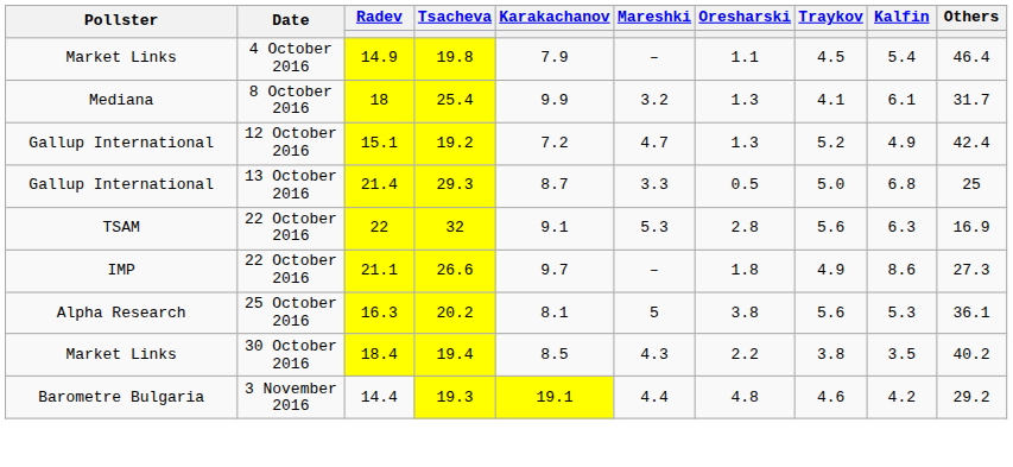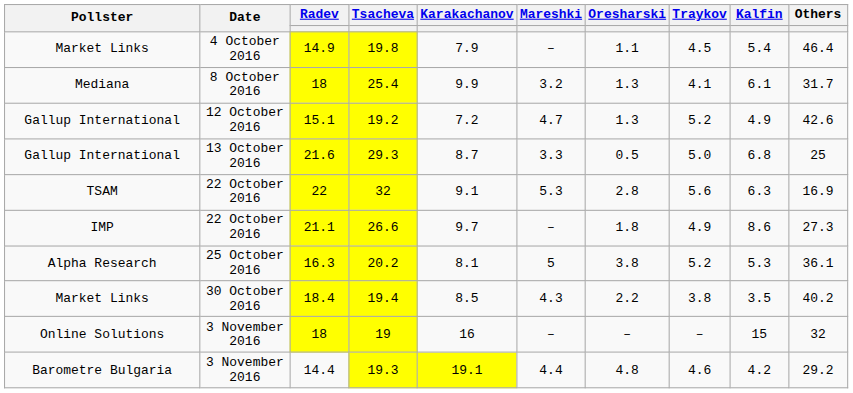 <table class="wikitable" style="text-align:center;font-size:95%;line-height:14px;">
 <tr>
 <th rowspan=2 width=180px>Pollster</th>
 <th rowspan=2 width=80px>Date</th>
 <th width=50px><a href='#'>Radev</a></th>
 <th width=50px><a href='#'>Tsacheva</a></th>
 <th width=50px><a href='#'>Karakachanov</a></th>
 <th width=50px><a href='#'>Mareshki</a></th>
 <th width=50px><a href='#'>Oresharski</a></th>
 <th width=50px><a href='#'>Traykov</a></th>
 <th width=50px><a href='#'>Kalfin</a></th>
 <th width=50px>Others</th>
 </tr>
 <tr>
 <th style="color:inherit;background:"></th>
 <th style="color:inherit;background:"></th>
 <th style="color:inherit;background:"></th>
 <th style="color:inherit;background:"></th>
 <th style="color:inherit;background:"></th>
 <th style="color:inherit;background:"></th>
 <th style="color:inherit;background:"></th>
 <th style="color:inherit;background:;"></th>
 </tr>
 <tr>
 <td>Market Links</td>
 <td>4 October 2016</td>
 <td bgcolor=#FFFF00>14.9</td>
 <td bgcolor=#FFFF00>19.8</td>
 <td>7.9</td>
 <td>–</td>
 <td>1.1</td>
 <td>4.5</td>
 <td>5.4</td>
 <td>46.4</td>
 </tr>
 <tr>
 <td>Mediana</td>
 <td>8 October 2016</td>
 <td bgcolor=#FFFF00>18</td>
 <td bgcolor=#FFFF00>25.4</td>
 <td>9.9</td>
 <td>3.2</td>
 <td>1.3</td>
 <td>4.1</td>
 <td>6.1</td>
 <td>31.7</td>
 </tr>
 <tr>
 <td>Gallup International</td>
 <td>12 October 2016</td>
 <td bgcolor=#FFFF00>15.1</td>
 <td bgcolor=#FFFF00>19.2</td>
 <td>7.2</td>
 <td>4.7</td>
 <td>1.3</td>
 <td>5.2</td>
 <td>4.9</td>
-<td>42.4</td>
+<td>42.6</td>
 </tr>
 <tr>
 <td>Gallup International</td>
 <td>13 October 2016</td>
-<td bgcolor=#FFFF00>21.4</td>
+<td bgcolor=#FFFF00>21.6</td>
 <td bgcolor=#FFFF00>29.3</td>
 <td>8.7</td>
 <td>3.3</td>
 <td>0.5</td>
 <td>5.0</td>
 <td>6.8</td>
 <td>25</td>
 </tr>
 <tr>
 <td>TSAM</td>
 <td>22 October 2016</td>
 <td bgcolor=#FFFF00>22</td>
 <td bgcolor=#FFFF00>32</td>
 <td>9.1</td>
 <td>5.3</td>
 <td>2.8</td>
 <td>5.6</td>
 <td>6.3</td>
 <td>16.9</td>
 </tr>
 <tr>
 <td>IMP</td>
 <td>22 October 2016</td>
 <td bgcolor=#FFFF00>21.1</td>
 <td bgcolor=#FFFF00>26.6</td>
 <td>9.7</td>
 <td>–</td>
 <td>1.8</td>
 <td>4.9</td>
 <td>8.6</td>
 <td>27.3</td>
 </tr>
 <tr>
 <td>Alpha Research</td>
 <td>25 October 2016</td>
 <td bgcolor=#FFFF00>16.3</td>
 <td bgcolor=#FFFF00>20.2</td>
 <td>8.1</td>
 <td>5</td>
 <td>3.8</td>
-<td>5.6</td>
+<td>5.2</td>
 <td>5.3</td>
 <td>36.1</td>
 </tr>
 <tr>
 <td>Market Links</td>
 <td>30 October 2016</td>
 <td bgcolor=#FFFF00>18.4</td>
 <td bgcolor=#FFFF00>19.4</td>
 <td>8.5</td>
 <td>4.3</td>
 <td>2.2</td>
 <td>3.8</td>
 <td>3.5</td>
 <td>40.2</td>
 </tr>
 <tr>
+<td>Online Solutions</td>
+<td>3 November 2016</td>
+<td bgcolor=#FFFF00>18</td>
+<td bgcolor=#FFFF00>19</td>
+<td>16</td>
+<td>–</td>
+<td>–</td>
+<td>–</td>
+<td>15</td>
+<td>32</td>
+</tr>
+<tr>
 <td>Barometre Bulgaria</td>
 <td>3 November 2016</td>
 <td>14.4</td>
 <td bgcolor=#FFFF00>19.3</td>
 <td bgcolor=#FFFF00 >19.1</td>
 <td>4.4</td>
 <td>4.8</td>
 <td>4.6</td>
 <td>4.2</td>
 <td>29.2</td>
 </tr>
 </table>
